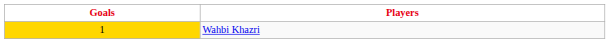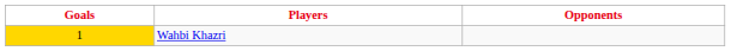 <table class="wikitable" style="font-size:95%; width:100%">
 <tr>
 <th scope="col" style="background:#FFFFFF; color:#E70013; ">Goals</th>
 <th scope="col" style="background:#FFFFFF; color:#E70013; ">Players</th>
+<th scope="col" style="background:#FFFFFF; color:#E70013; ">Opponents</th>
 </tr>
 <tr>
 <td align=center style="background: gold;">1</td>
 <td><a href='#'>Wahbi Khazri</a></td>
+<td></td>
 </tr>
 </table>
